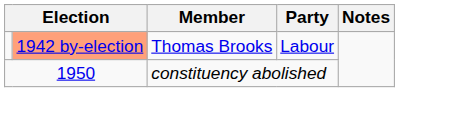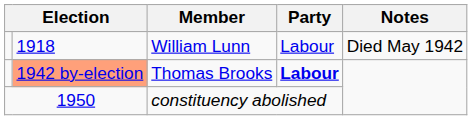 <table class="wikitable">
 <tr>
 <th colspan="2">Election</th>
 <th>Member</th>
 <th>Party</th>
 <th>Notes</th>
 </tr>
 <tr>
 <td style="color:inherit;background-color: "></td>
+<td><a href='#'>1918</a></td>
+<td><a href='#'>William Lunn</a></td>
+<td><a href='#'>Labour</a></td>
+<td>Died May 1942</td>
+</tr>
+<tr>
+<td style="color:inherit;background-color: "></td>
 <td style="background: lightsalmon;"><a href='#'>1942 by-election</a></td>
 <td><a href='#'>Thomas Brooks</a></td>
-<td><a href='#'>Labour</a></td>
+<td><strong><a href='#'>Labour</a></strong></td>
 </tr>
 <tr>
 <td colspan="2" align="center"><a href='#'>1950</a></td>
 <td colspan="2"><em>constituency abolished</em></td>
 </tr>
 </table>
